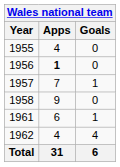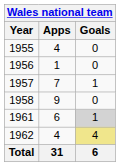 <table class="wikitable" style="text-align:center">
 <tr>
 <th colspan=3><a href='#'>Wales national team</a></th>
 </tr>
 <tr>
 <th>Year</th>
 <th>Apps</th>
 <th>Goals</th>
 </tr>
 <tr>
 <td>1955</td>
 <td>4</td>
 <td>0</td>
 </tr>
 <tr>
 <td>1956</td>
-<td><strong>1</strong></td>
+<td>1</td>
 <td>0</td>
 </tr>
 <tr>
 <td>1957</td>
 <td>7</td>
 <td>1</td>
 </tr>
 <tr>
 <td>1958</td>
 <td>9</td>
 <td>0</td>
 </tr>
 <tr>
 <td>1961</td>
 <td>6</td>
-<td>1</td>
+<td style="background: lightgrey;">1</td>
 </tr>
 <tr>
 <td>1962</td>
 <td>4</td>
-<td>4</td>
+<td style="background: khaki;">4</td>
 </tr>
 <tr>
 <th>Total</th>
 <th>31</th>
 <th>6</th>
 </tr>
 </table>
